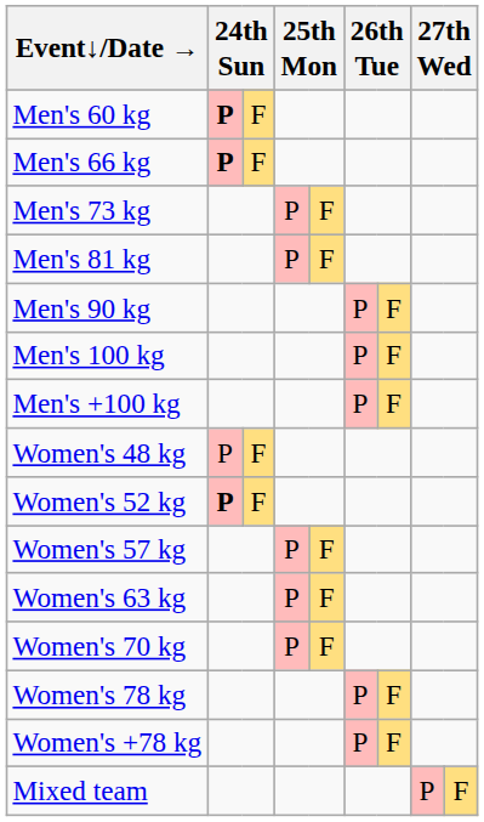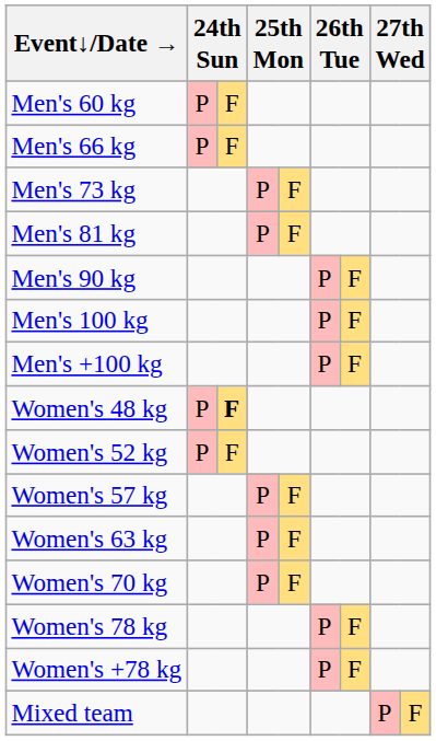 <table class="wikitable" style="margin:0.5em auto; font-size:90%; line-height:1.25em; text-align:center;">
 <tr>
 <th>Event↓/Date →</th>
 <th colspan=2>24th<br>Sun</th>
 <th colspan=2>25th<br>Mon</th>
 <th colspan=2>26th<br>Tue</th>
 <th colspan=2>27th<br>Wed</th>
 </tr>
 <tr>
 <td align="left"><a href='#'>Men's 60 kg</a></td>
-<td bgcolor="#FFBBBB"><strong>P</strong></td>
+<td bgcolor="#FFBBBB">P</td>
 <td bgcolor="#FFDF80">F</td>
 <td colspan=2></td>
 <td colspan=2></td>
 <td colspan=2></td>
 </tr>
 <tr>
 <td align="left"><a href='#'>Men's 66 kg</a></td>
-<td bgcolor="#FFBBBB"><strong>P</strong></td>
+<td bgcolor="#FFBBBB">P</td>
 <td bgcolor="#FFDF80">F</td>
 <td colspan=2></td>
 <td colspan=2></td>
 <td colspan=2></td>
 </tr>
 <tr>
 <td align="left"><a href='#'>Men's 73 kg</a></td>
 <td colspan=2></td>
 <td bgcolor="#FFBBBB">P</td>
 <td bgcolor="#FFDF80">F</td>
 <td colspan=2></td>
 <td colspan=2></td>
 </tr>
 <tr>
 <td align="left"><a href='#'>Men's 81 kg</a></td>
 <td colspan=2></td>
 <td bgcolor="#FFBBBB">P</td>
 <td bgcolor="#FFDF80">F</td>
 <td colspan=2></td>
 <td colspan=2></td>
 </tr>
 <tr>
 <td align="left"><a href='#'>Men's 90 kg</a></td>
 <td colspan=2></td>
 <td colspan=2></td>
 <td bgcolor="#FFBBBB">P</td>
 <td bgcolor="#FFDF80">F</td>
 <td colspan=2></td>
 </tr>
 <tr>
 <td align="left"><a href='#'>Men's 100 kg</a></td>
 <td colspan=2></td>
 <td colspan=2></td>
 <td bgcolor="#FFBBBB">P</td>
 <td bgcolor="#FFDF80">F</td>
 <td colspan=2></td>
 </tr>
 <tr>
 <td align="left"><a href='#'>Men's +100 kg</a></td>
 <td colspan=2></td>
 <td colspan=2></td>
 <td bgcolor="#FFBBBB">P</td>
 <td bgcolor="#FFDF80">F</td>
 <td colspan=2></td>
 </tr>
 <tr>
 <td align="left"><a href='#'>Women's 48 kg</a></td>
 <td bgcolor="#FFBBBB">P</td>
-<td bgcolor="#FFDF80">F</td>
+<td bgcolor="#FFDF80"><strong>F</strong></td>
 <td colspan=2></td>
 <td colspan=2></td>
 <td colspan=2></td>
 </tr>
 <tr>
 <td align="left"><a href='#'>Women's 52 kg</a></td>
-<td bgcolor="#FFBBBB"><strong>P</strong></td>
+<td bgcolor="#FFBBBB">P</td>
 <td bgcolor="#FFDF80">F</td>
 <td colspan=2></td>
 <td colspan=2></td>
 <td colspan=2></td>
 </tr>
 <tr>
 <td align="left"><a href='#'>Women's 57 kg</a></td>
 <td colspan=2></td>
 <td bgcolor="#FFBBBB">P</td>
 <td bgcolor="#FFDF80">F</td>
 <td colspan=2></td>
 <td colspan=2></td>
 </tr>
 <tr>
 <td align="left"><a href='#'>Women's 63 kg</a></td>
 <td colspan=2></td>
 <td bgcolor="#FFBBBB">P</td>
 <td bgcolor="#FFDF80">F</td>
 <td colspan=2></td>
 <td colspan=2></td>
 </tr>
 <tr>
 <td align="left"><a href='#'>Women's 70 kg</a></td>
 <td colspan=2></td>
 <td bgcolor="#FFBBBB">P</td>
 <td bgcolor="#FFDF80">F</td>
 <td colspan=2></td>
 <td colspan=2></td>
 </tr>
 <tr>
 <td align="left"><a href='#'>Women's 78 kg</a></td>
 <td colspan=2></td>
 <td colspan=2></td>
 <td bgcolor="#FFBBBB">P</td>
 <td bgcolor="#FFDF80">F</td>
 <td colspan=2></td>
 </tr>
 <tr>
 <td align="left"><a href='#'>Women's +78 kg</a></td>
 <td colspan=2></td>
 <td colspan=2></td>
 <td bgcolor="#FFBBBB">P</td>
 <td bgcolor="#FFDF80">F</td>
 <td colspan=2></td>
 </tr>
 <tr>
 <td align="left"><a href='#'>Mixed team</a></td>
 <td colspan=2></td>
 <td colspan=2></td>
 <td colspan=2></td>
 <td bgcolor="#FFBBBB">P</td>
 <td bgcolor="#FFDF80">F</td>
 </tr>
 </table>
